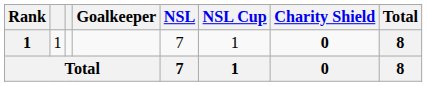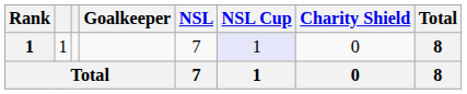 <table class="wikitable sortable" style="text-align:center">
 <tr>
 <th>Rank</th>
 <th></th>
 <th></th>
 <th>Goalkeeper</th>
 <th><a href='#'>NSL</a></th>
 <th><a href='#'>NSL Cup</a></th>
 <th><a href='#'>Charity Shield</a></th>
 <th>Total</th>
 </tr>
 <tr>
 <th>1</th>
 <td>1</td>
 <td></td>
 <td align="left"></td>
 <td>7</td>
-<td>1</td>
-<td><strong>0</strong></td>
+<td style="background: lavender;">1</td>
+<td>0</td>
 <th>8</th>
 </tr>
 <tr>
 <th colspan="4">Total</th>
 <th>7</th>
 <th>1</th>
 <th>0</th>
 <th>8</th>
 </tr>
 </table>
